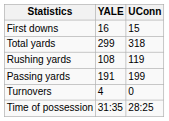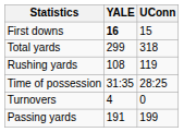 <table class="wikitable">
 <tr>
 <th>Statistics</th>
 <th>YALE</th>
 <th>UConn</th>
 </tr>
 <tr>
 <td>First downs</td>
-<td>16</td>
+<td><strong>16</strong></td>
 <td>15</td>
 </tr>
 <tr>
 <td>Total yards</td>
 <td>299</td>
 <td>318</td>
 </tr>
 <tr>
 <td>Rushing yards</td>
 <td>108</td>
 <td>119</td>
 </tr>
 <tr>
-<td>Passing yards</td>
-<td>191</td>
-<td>199</td>
+<td>Time of possession</td>
+<td>31:35</td>
+<td>28:25</td>
 </tr>
 <tr>
 <td>Turnovers</td>
 <td>4</td>
 <td>0</td>
 </tr>
 <tr>
-<td>Time of possession</td>
-<td>31:35</td>
-<td>28:25</td>
+<td>Passing yards</td>
+<td>191</td>
+<td>199</td>
 </tr>
 </table>
